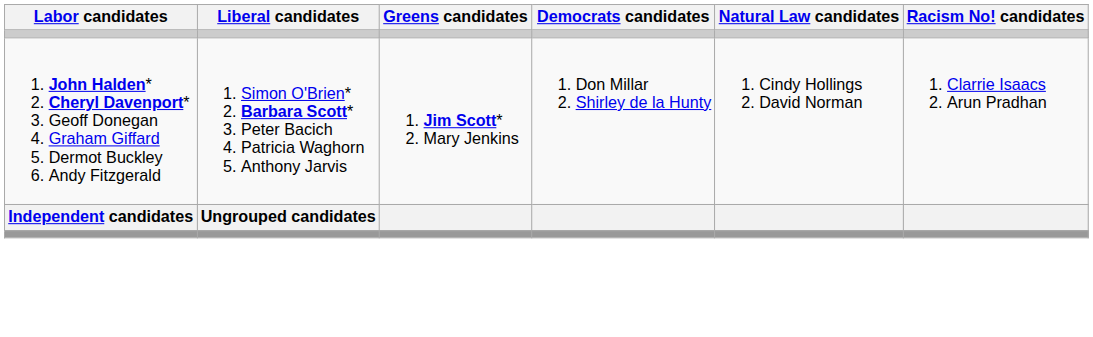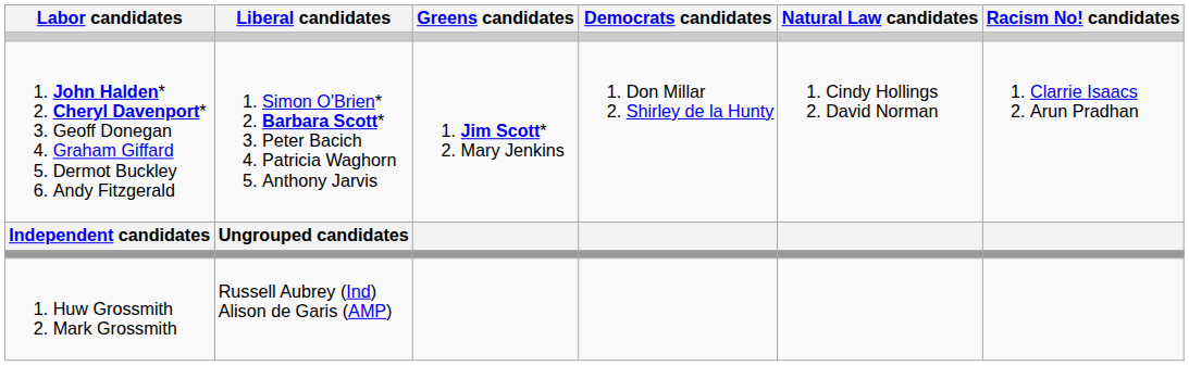 <table class="wikitable">
 <tr>
 <th><a href='#'>Labor</a> candidates</th>
 <th><a href='#'>Liberal</a> candidates</th>
 <th><a href='#'>Greens</a> candidates</th>
 <th><a href='#'>Democrats</a> candidates</th>
 <th><a href='#'>Natural Law</a> candidates</th>
 <th><a href='#'>Racism No!</a> candidates</th>
 </tr>
 <tr bgcolor="#cccccc">
 <td></td>
 <td></td>
 <td></td>
 <td></td>
 <td></td>
 <td></td>
 </tr>
 <tr>
 <td><br><ol><li><strong><a href='#'>John Halden</a></strong>*</li><li><strong><a href='#'>Cheryl Davenport</a></strong>*</li><li>Geoff Donegan</li><li><a href='#'>Graham Giffard</a></li><li>Dermot Buckley</li><li>Andy Fitzgerald</li></ol></td>
 <td><br><ol><li><a href='#'>Simon O'Brien</a>*</li><li><strong><a href='#'>Barbara Scott</a></strong>*</li><li>Peter Bacich</li><li>Patricia Waghorn</li><li>Anthony Jarvis</li></ol></td>
 <td><br><ol><li><strong><a href='#'>Jim Scott</a></strong>*</li><li>Mary Jenkins</li></ol></td>
 <td valign=top><br><ol><li>Don Millar</li><li><a href='#'>Shirley de la Hunty</a></li></ol></td>
 <td valign=top><br><ol><li>Cindy Hollings</li><li>David Norman</li></ol></td>
 <td valign=top><br><ol><li><a href='#'>Clarrie Isaacs</a></li><li>Arun Pradhan</li></ol></td>
 </tr>
 <tr bgcolor="#cccccc">
 <th><a href='#'>Independent</a> candidates</th>
 <th>Ungrouped candidates</th>
 <th></th>
 <th></th>
 <th></th>
 <th></th>
 </tr>
 <tr bgcolor="#999999">
 <td bgcolor="#999999"></td>
 <td bgcolor="#999999"></td>
 <td bgcolor="#999999"></td>
 <td bgcolor="#999999"></td>
 <td bgcolor="#999999"></td>
 <td bgcolor="#999999"></td>
 </tr>
+<tr>
+<td valign=top><br><ol><li>Huw Grossmith</li><li>Mark Grossmith</li></ol></td>
+<td valign=top><br>Russell Aubrey (<a href='#'>Ind</a>) <br> Alison de Garis (<a href='#'>AMP</a>)</td>
+<td valign=top></td>
+<td valign=top></td>
+<td valign=top></td>
+<td valign=top></td>
+</tr>
 </table>
